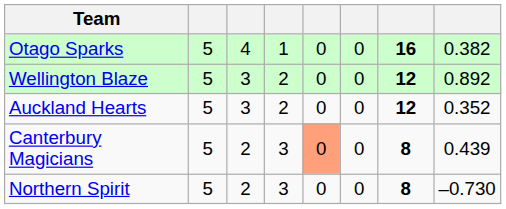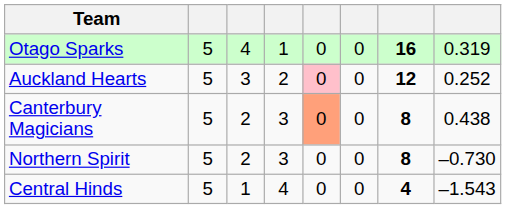 <table class="wikitable" style="text-align:center">
 <tr>
 <th width="150">Team</th>
 <th width="25"></th>
 <th width="25"></th>
 <th width="25"></th>
 <th width="25"></th>
 <th width="25"></th>
 <th width="40"></th>
 <th width="50"></th>
 </tr>
 <tr style="background:#cfc">
 <td style="text-align:left"><a href='#'>Otago Sparks</a></td>
 <td>5</td>
 <td>4</td>
 <td>1</td>
 <td>0</td>
 <td>0</td>
 <td><strong>16</strong></td>
-<td>0.382</td>
-</tr>
-<tr style="background:#cfc">
-<td style="text-align:left"><a href='#'>Wellington Blaze</a></td>
-<td>5</td>
-<td>3</td>
-<td>2</td>
-<td>0</td>
-<td>0</td>
-<td><strong>12</strong></td>
-<td>0.892</td>
+<td>0.319</td>
 </tr>
 <tr>
 <td style="text-align:left"><a href='#'>Auckland Hearts</a></td>
 <td>5</td>
 <td>3</td>
 <td>2</td>
-<td>0</td>
+<td style="background: pink;">0</td>
 <td>0</td>
 <td><strong>12</strong></td>
-<td>0.352</td>
+<td>0.252</td>
 </tr>
 <tr>
 <td style="text-align:left"><a href='#'>Canterbury Magicians</a></td>
 <td>5</td>
 <td>2</td>
 <td>3</td>
 <td style="background: lightsalmon;">0</td>
 <td>0</td>
 <td><strong>8</strong></td>
-<td>0.439</td>
+<td>0.438</td>
 </tr>
 <tr>
 <td style="text-align:left"><a href='#'>Northern Spirit</a></td>
 <td>5</td>
 <td>2</td>
 <td>3</td>
 <td>0</td>
 <td>0</td>
 <td><strong>8</strong></td>
 <td>–0.730</td>
 </tr>
+<tr>
+<td style="text-align:left"><a href='#'>Central Hinds</a></td>
+<td>5</td>
+<td>1</td>
+<td>4</td>
+<td>0</td>
+<td>0</td>
+<td><strong>4</strong></td>
+<td>–1.543</td>
+</tr>
 </table>
